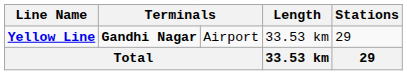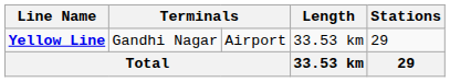 <table class="wikitable">
 <tr>
 <th>Line Name</th>
 <th colspan="2">Terminals</th>
 <th>Length</th>
 <th>Stations</th>
 </tr>
 <tr>
 <td style="background:#"><strong><a href='#'><span>Yellow Line</span></a></strong></td>
-<td><strong>Gandhi Nagar</strong></td>
+<td>Gandhi Nagar</td>
 <td>Airport</td>
 <td>33.53 km</td>
 <td>29</td>
 </tr>
 <tr>
 <th colspan="3"><strong>Total</strong></th>
 <th>33.53 km</th>
 <th>29</th>
 </tr>
 </table>
